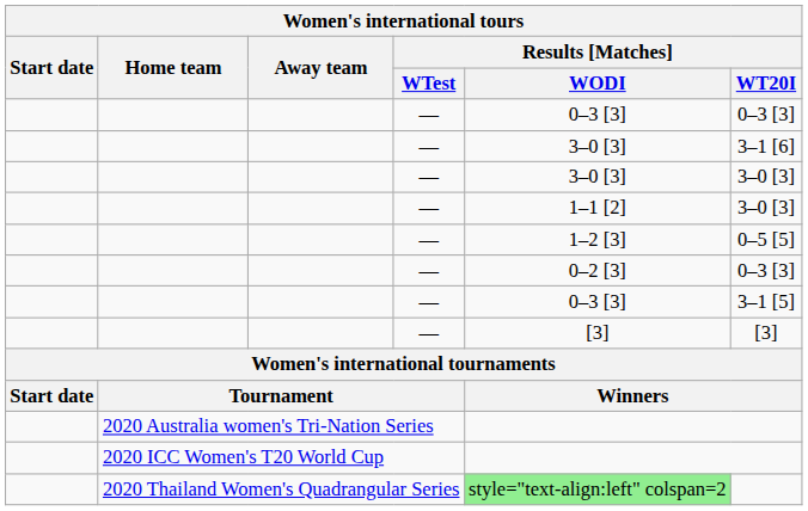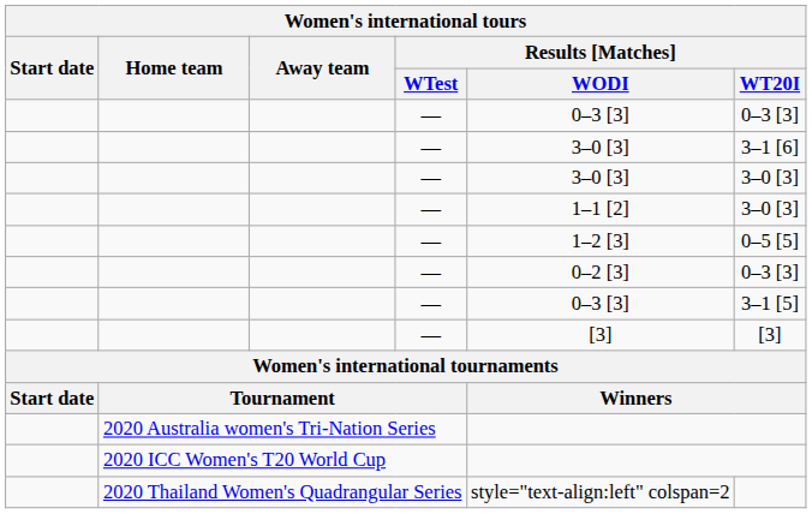 <table class="wikitable unsortable" style="text-align:center; white-space:nowrap">
 <tr>
 <th colspan=6>Women's international tours</th>
 </tr>
 <tr>
 <th rowspan=2>Start date</th>
 <th rowspan=2>Home team</th>
 <th rowspan=2>Away team</th>
 <th colspan=3>Results [Matches]</th>
 </tr>
 <tr>
 <th width=50><a href='#'>WTest</a></th>
 <th width=50><a href='#'>WODI</a></th>
 <th width=50><a href='#'>WT20I</a></th>
 </tr>
 <tr>
 <td style="text-align:left"><a href='#'></a></td>
 <td style="text-align:left"></td>
 <td style="text-align:left"></td>
 <td>—</td>
 <td>0–3 [3]</td>
 <td>0–3 [3]</td>
 </tr>
 <tr>
 <td style="text-align:left"><a href='#'></a></td>
 <td style="text-align:left"></td>
 <td style="text-align:left"></td>
 <td>—</td>
 <td>3–0 [3]</td>
 <td>3–1 [6]</td>
 </tr>
 <tr>
 <td style="text-align:left"><a href='#'></a></td>
 <td style="text-align:left"></td>
 <td style="text-align:left"></td>
 <td>—</td>
 <td>3–0 [3]</td>
 <td>3–0 [3]</td>
 </tr>
 <tr>
 <td style="text-align:left"><a href='#'></a></td>
 <td style="text-align:left"></td>
 <td style="text-align:left"></td>
 <td>—</td>
 <td>1–1 [2]</td>
 <td>3–0 [3]</td>
 </tr>
 <tr>
 <td style="text-align:left"><a href='#'></a></td>
 <td style="text-align:left"></td>
 <td style="text-align:left"></td>
 <td>—</td>
 <td>1–2 [3]</td>
 <td>0–5 [5]</td>
 </tr>
 <tr>
 <td style="text-align:left"><a href='#'></a></td>
 <td style="text-align:left"> </td>
 <td style="text-align:left"></td>
 <td>—</td>
 <td>0–2 [3]</td>
 <td>0–3 [3]</td>
 </tr>
 <tr>
 <td style="text-align:left"><a href='#'></a></td>
 <td style="text-align:left"></td>
 <td style="text-align:left"></td>
 <td>—</td>
 <td>0–3 [3]</td>
 <td>3–1 [5]</td>
 </tr>
 <tr>
 <td style="text-align:left"><a href='#'></a></td>
 <td style="text-align:left"></td>
 <td style="text-align:left"></td>
 <td>—</td>
 <td>[3]</td>
 <td>[3]</td>
 </tr>
 <tr>
 <th colspan=6>Women's international tournaments</th>
 </tr>
 <tr>
 <th>Start date</th>
 <th colspan=3>Tournament</th>
 <th colspan=2>Winners</th>
 </tr>
 <tr>
 <td style="text-align:left"><a href='#'></a></td>
 <td style="text-align:left" colspan=3> <a href='#'>2020 Australia women's Tri-Nation Series</a></td>
 <td style="text-align:left" colspan=2></td>
 </tr>
 <tr>
 <td style="text-align:left"><a href='#'></a></td>
 <td style="text-align:left" colspan=3> <a href='#'>2020 ICC Women's T20 World Cup</a></td>
 <td style="text-align:left" colspan=2></td>
 </tr>
 <tr>
 <td style="text-align:left"><a href='#'></a></td>
 <td style="text-align:left" colspan=3> <a href='#'>2020 Thailand Women's Quadrangular Series</a></td>
-<td style="background: lightgreen;">style="text-align:left" colspan=2 </td>
+<td>style="text-align:left" colspan=2 </td>
 </tr>
 </table>
